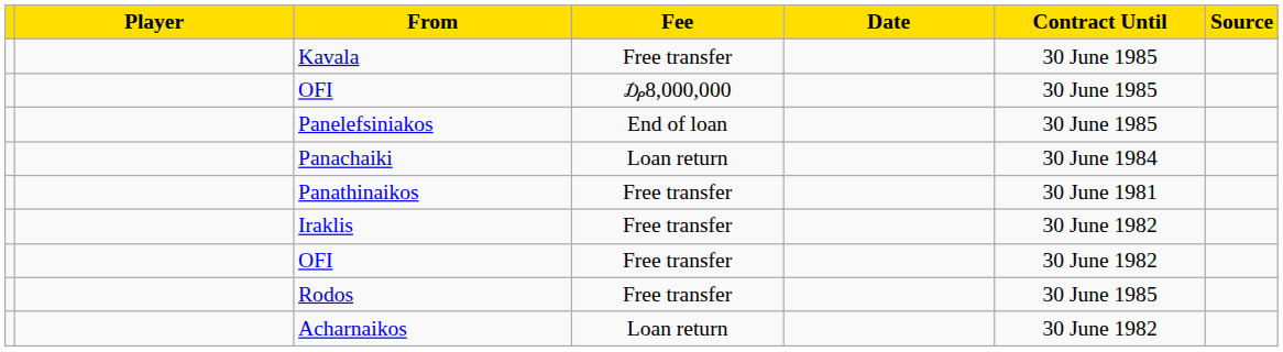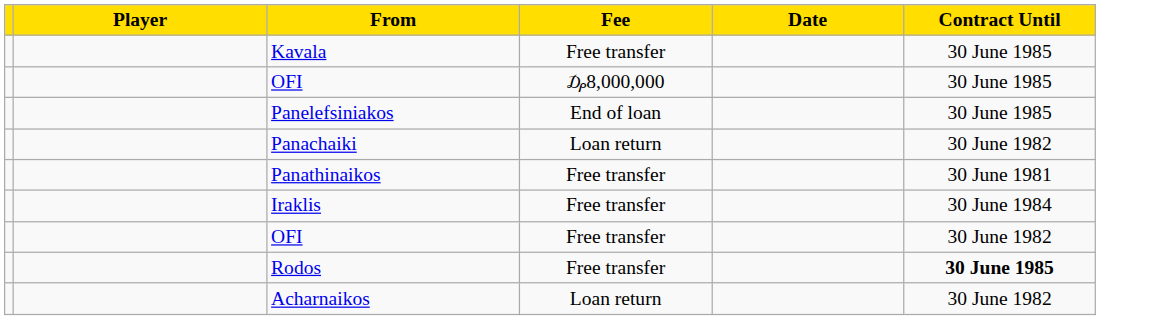 <table class="wikitable sortable">
 <tr>
 <th style="background:#FFDE00"></th>
 <th width=200 style="background:#FFDE00">Player</th>
 <th width=200 style="background:#FFDE00">From</th>
 <th width=150 style="background:#FFDE00">Fee</th>
 <th width=150 style="background:#FFDE00">Date</th>
 <th width=150 style="background:#FFDE00">Contract Until</th>
-<th style="background:#FFDE00">Source</th>
 </tr>
 <tr>
 <td align=center></td>
 <td></td>
 <td> <a href='#'>Kavala</a></td>
 <td align=center>Free transfer</td>
 <td align=center></td>
 <td align=center>30 June 1985</td>
-<td align=center></td>
 </tr>
 <tr>
 <td align=center></td>
 <td></td>
 <td> <a href='#'>OFI</a></td>
 <td align=center>₯8,000,000</td>
 <td align=center></td>
 <td align=center>30 June 1985</td>
-<td align=center></td>
 </tr>
 <tr>
 <td align=center></td>
 <td></td>
 <td> <a href='#'>Panelefsiniakos</a></td>
 <td align=center>End of loan</td>
 <td align=center></td>
 <td align=center>30 June 1985</td>
-<td align=center></td>
 </tr>
 <tr>
 <td align=center></td>
 <td></td>
 <td> <a href='#'>Panachaiki</a></td>
 <td align=center>Loan return</td>
 <td align=center></td>
-<td align=center>30 June 1984</td>
-<td align=center></td>
+<td align=center>30 June 1982</td>
 </tr>
 <tr>
 <td align=center></td>
 <td></td>
 <td> <a href='#'>Panathinaikos</a></td>
 <td align=center>Free transfer</td>
 <td align=center></td>
 <td align=center>30 June 1981</td>
-<td align=center></td>
 </tr>
 <tr>
 <td align=center></td>
 <td></td>
 <td> <a href='#'>Iraklis</a></td>
 <td align=center>Free transfer</td>
 <td align=center></td>
-<td align=center>30 June 1982</td>
-<td align=center></td>
+<td align=center>30 June 1984</td>
 </tr>
 <tr>
 <td align=center></td>
 <td></td>
 <td> <a href='#'>OFI</a></td>
 <td align=center>Free transfer</td>
 <td align=center></td>
 <td align=center>30 June 1982</td>
-<td align=center></td>
 </tr>
 <tr>
 <td align=center></td>
 <td></td>
 <td> <a href='#'>Rodos</a></td>
 <td align=center>Free transfer</td>
 <td align=center></td>
-<td align=center>30 June 1985</td>
-<td align=center></td>
+<td align=center><strong>30 June 1985</strong></td>
 </tr>
 <tr>
 <td align=center></td>
 <td></td>
 <td> <a href='#'>Acharnaikos</a></td>
 <td align=center>Loan return</td>
 <td align=center></td>
 <td align=center>30 June 1982</td>
-<td align=center></td>
 </tr>
 </table>
